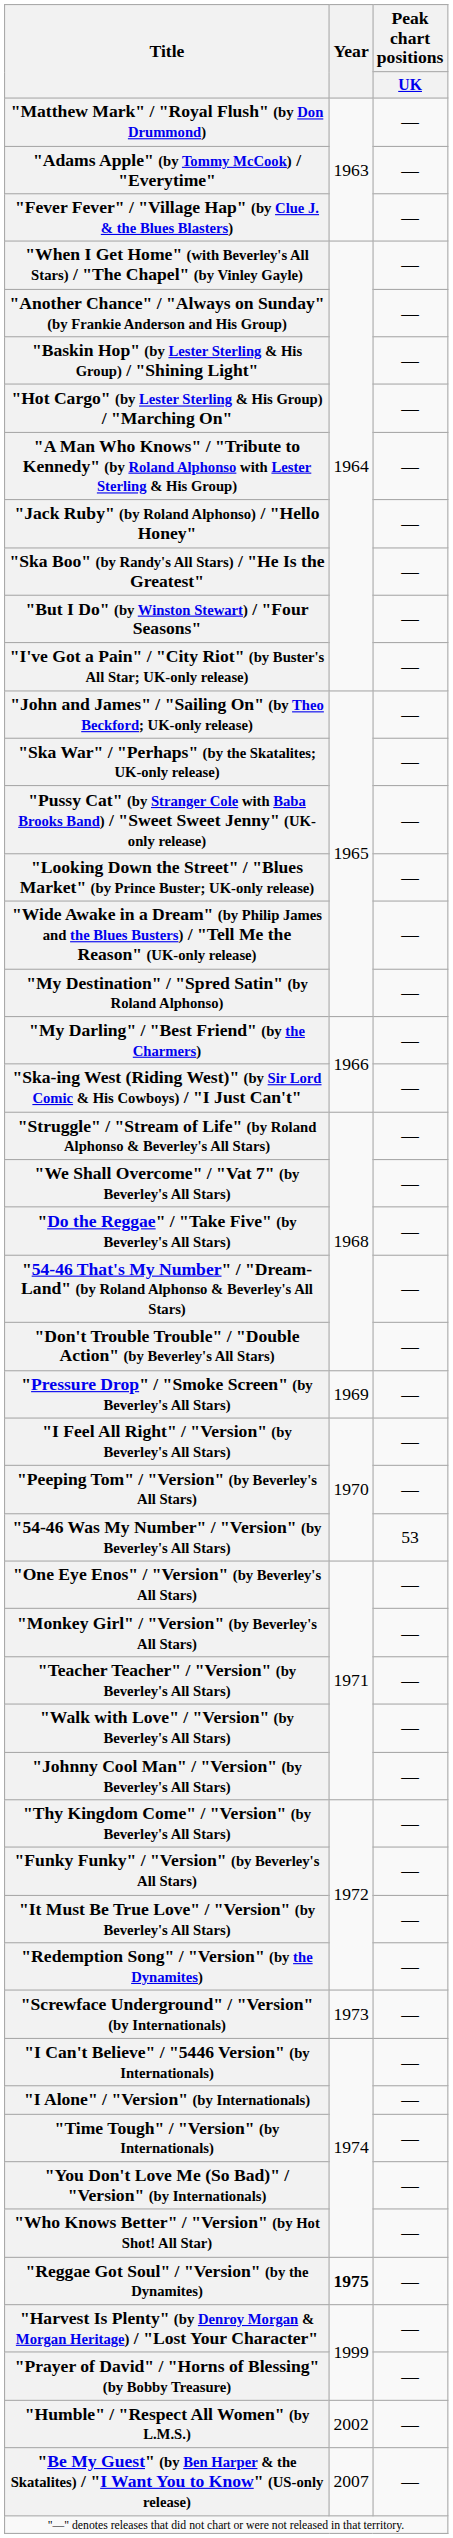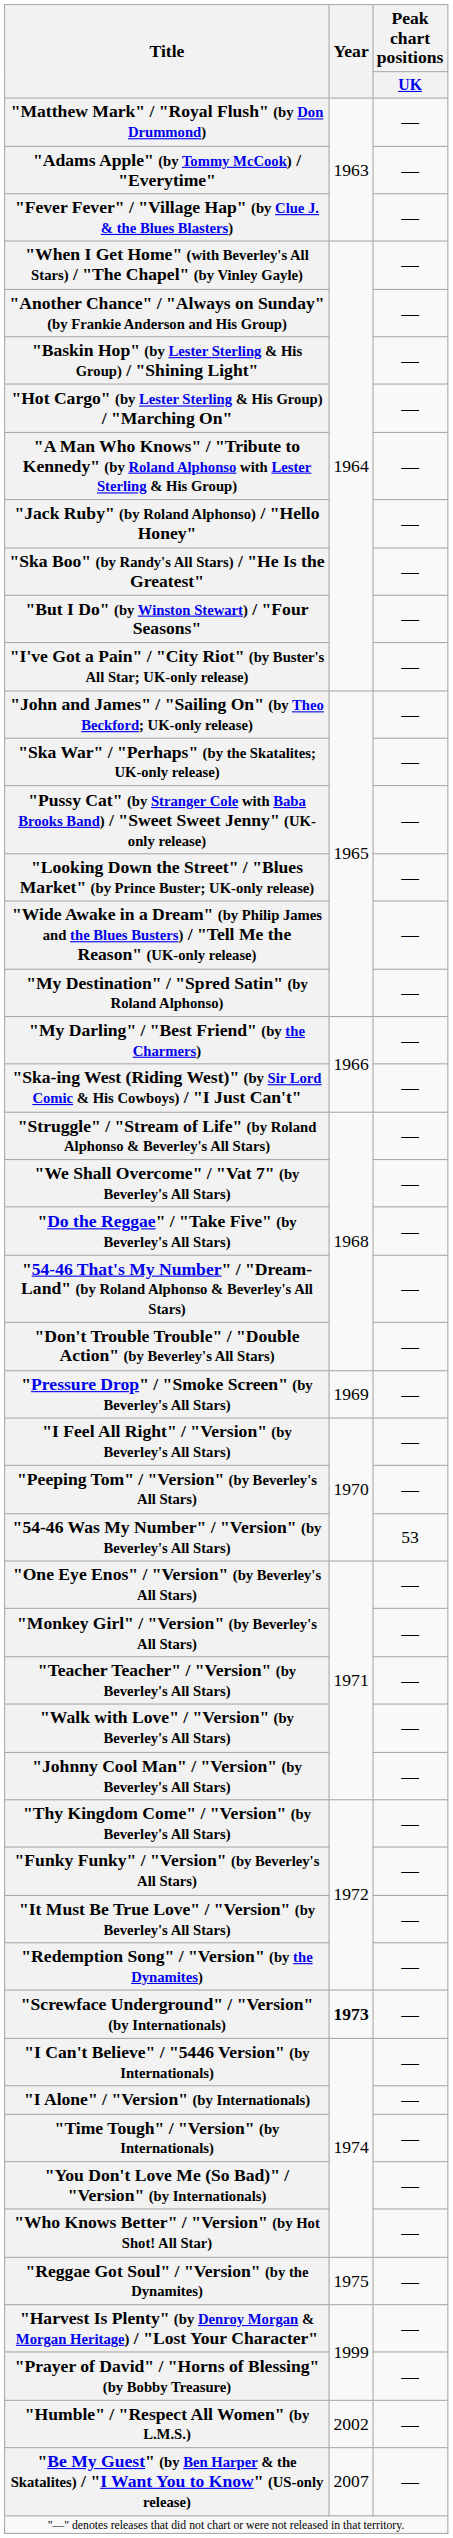 <table class="wikitable plainrowheaders" style="text-align:center;">
 <tr>
 <th rowspan="2" scope="col" style="width:18em;">Title</th>
 <th rowspan="2" scope="col" style="width:2em;">Year</th>
 <th>Peak chart<br>positions</th>
 </tr>
 <tr>
 <th scope="col" style="width:3em;font-size:90%;"><a href='#'>UK</a><br></th>
 </tr>
 <tr>
 <th scope="row">"Matthew Mark" / "Royal Flush" <small>(by <a href='#'>Don Drummond</a>)</small></th>
 <td rowspan="3">1963</td>
 <td align="center">—</td>
 </tr>
 <tr>
 <th scope="row">"Adams Apple" <small>(by <a href='#'>Tommy McCook</a>)</small> / "Everytime"</th>
 <td align="center">—</td>
 </tr>
 <tr>
 <th scope="row">"Fever Fever" / "Village Hap" <small>(by <a href='#'>Clue J. & the Blues Blasters</a>)</small></th>
 <td align="center">—</td>
 </tr>
 <tr>
 <th scope="row">"When I Get Home" <small>(with Beverley's All Stars)</small> / "The Chapel" <small>(by Vinley Gayle)</small></th>
 <td rowspan="9">1964</td>
 <td align="center">—</td>
 </tr>
 <tr>
 <th scope="row">"Another Chance" / "Always on Sunday" <small>(by Frankie Anderson and His Group)</small></th>
 <td align="center">—</td>
 </tr>
 <tr>
 <th scope="row">"Baskin Hop" <small>(by <a href='#'>Lester Sterling</a> & His Group)</small> / "Shining Light"</th>
 <td align="center">—</td>
 </tr>
 <tr>
 <th scope="row">"Hot Cargo" <small>(by <a href='#'>Lester Sterling</a> & His Group)</small> / "Marching On"</th>
 <td align="center">—</td>
 </tr>
 <tr>
 <th scope="row">"A Man Who Knows" / "Tribute to Kennedy" <small>(by <a href='#'>Roland Alphonso</a> with <a href='#'>Lester Sterling</a> & His Group)</small></th>
 <td align="center">—</td>
 </tr>
 <tr>
 <th scope="row">"Jack Ruby" <small>(by Roland Alphonso)</small> / "Hello Honey"</th>
 <td align="center">—</td>
 </tr>
 <tr>
 <th scope="row">"Ska Boo" <small>(by Randy's All Stars)</small> / "He Is the Greatest"</th>
 <td align="center">—</td>
 </tr>
 <tr>
 <th scope="row">"But I Do" <small>(by <a href='#'>Winston Stewart</a>)</small> / "Four Seasons"</th>
 <td align="center">—</td>
 </tr>
 <tr>
 <th scope="row">"I've Got a Pain" / "City Riot" <small>(by Buster's All Star; UK-only release)</small></th>
 <td align="center">—</td>
 </tr>
 <tr>
 <th scope="row">"John and James" / "Sailing On" <small>(by <a href='#'>Theo Beckford</a>; UK-only release)</small></th>
 <td rowspan="6">1965</td>
 <td>—</td>
 </tr>
 <tr>
 <th scope="row">"Ska War" / "Perhaps" <small>(by the Skatalites; UK-only release)</small></th>
 <td align="center">—</td>
 </tr>
 <tr>
 <th scope="row">"Pussy Cat" <small>(by <a href='#'>Stranger Cole</a> with <a href='#'>Baba Brooks Band</a>)</small> / "Sweet Sweet Jenny" <small>(UK-only release)</small></th>
 <td>—</td>
 </tr>
 <tr>
 <th scope="row">"Looking Down the Street" / "Blues Market" <small>(by Prince Buster; UK-only release)</small></th>
 <td>—</td>
 </tr>
 <tr>
 <th scope="row">"Wide Awake in a Dream" <small>(by Philip James and <a href='#'>the Blues Busters</a>)</small> / "Tell Me the Reason" <small>(UK-only release)</small></th>
 <td>—</td>
 </tr>
 <tr>
 <th scope="row">"My Destination" / "Spred Satin" <small>(by Roland Alphonso)</small></th>
 <td align="center">—</td>
 </tr>
 <tr>
 <th scope="row">"My Darling" / "Best Friend" <small>(by <a href='#'>the Charmers</a>)</small></th>
 <td rowspan="2">1966</td>
 <td>—</td>
 </tr>
 <tr>
 <th scope="row">"Ska-ing West (Riding West)" <small>(by <a href='#'>Sir Lord Comic</a> & His Cowboys)</small> / "I Just Can't"</th>
 <td>—</td>
 </tr>
 <tr>
 <th scope="row">"Struggle" / "Stream of Life" <small>(by Roland Alphonso & Beverley's All Stars)</small></th>
 <td rowspan="5">1968</td>
 <td>—</td>
 </tr>
 <tr>
 <th scope="row">"We Shall Overcome" / "Vat 7" <small>(by Beverley's All Stars)</small></th>
 <td>—</td>
 </tr>
 <tr>
 <th scope="row">"<a href='#'>Do the Reggae</a>" / "Take Five" <small>(by Beverley's All Stars)</small></th>
 <td>—</td>
 </tr>
 <tr>
 <th scope="row">"<a href='#'>54-46 That's My Number</a>" / "Dream-Land" <small>(by Roland Alphonso & Beverley's All Stars)</small></th>
 <td>—</td>
 </tr>
 <tr>
 <th scope="row">"Don't Trouble Trouble" / "Double Action" <small>(by Beverley's All Stars)</small></th>
 <td align="center">—</td>
 </tr>
 <tr>
 <th scope="row">"<a href='#'>Pressure Drop</a>" / "Smoke Screen" <small>(by Beverley's All Stars)</small></th>
 <td>1969</td>
 <td align="center">—</td>
 </tr>
 <tr>
 <th scope="row">"I Feel All Right" / "Version" <small>(by Beverley's All Stars)</small></th>
 <td rowspan="3">1970</td>
 <td align="center">—</td>
 </tr>
 <tr>
 <th scope="row">"Peeping Tom" / "Version" <small>(by Beverley's All Stars)</small></th>
 <td align="center">—</td>
 </tr>
 <tr>
 <th scope="row">"54-46 Was My Number" / "Version" <small>(by Beverley's All Stars)</small></th>
 <td align="center">53</td>
 </tr>
 <tr>
 <th scope="row">"One Eye Enos" / "Version" <small>(by Beverley's All Stars)</small></th>
 <td rowspan="5">1971</td>
 <td align="center">—</td>
 </tr>
 <tr>
 <th scope="row">"Monkey Girl" / "Version" <small>(by Beverley's All Stars)</small></th>
 <td align="center">—</td>
 </tr>
 <tr>
 <th scope="row">"Teacher Teacher" / "Version" <small>(by Beverley's All Stars)</small></th>
 <td align="center">—</td>
 </tr>
 <tr>
 <th scope="row">"Walk with Love" / "Version" <small>(by Beverley's All Stars)</small></th>
 <td align="center">—</td>
 </tr>
 <tr>
 <th scope="row">"Johnny Cool Man" / "Version" <small>(by Beverley's All Stars)</small></th>
 <td>—</td>
 </tr>
 <tr>
 <th scope="row">"Thy Kingdom Come" / "Version" <small>(by Beverley's All Stars)</small></th>
 <td rowspan="4">1972</td>
 <td align="center">—</td>
 </tr>
 <tr>
 <th scope="row">"Funky Funky" / "Version" <small>(by Beverley's All Stars)</small></th>
 <td align="center">—</td>
 </tr>
 <tr>
 <th scope="row">"It Must Be True Love" / "Version" <small>(by Beverley's All Stars)</small></th>
 <td align="center">—</td>
 </tr>
 <tr>
 <th scope="row">"Redemption Song" / "Version" <small>(by <a href='#'>the Dynamites</a>)</small></th>
 <td align="center">—</td>
 </tr>
 <tr>
 <th scope="row">"Screwface Underground" / "Version" <small>(by Internationals)</small></th>
-<td>1973</td>
+<td><strong>1973</strong></td>
 <td>—</td>
 </tr>
 <tr>
 <th scope="row">"I Can't Believe" / "5446 Version" <small>(by Internationals)</small></th>
 <td rowspan="5">1974</td>
 <td>—</td>
 </tr>
 <tr>
 <th scope="row">"I Alone" / "Version" <small>(by Internationals)</small></th>
 <td>—</td>
 </tr>
 <tr>
 <th scope="row">"Time Tough" / "Version" <small>(by Internationals)</small></th>
 <td align="center">—</td>
 </tr>
 <tr>
 <th scope="row">"You Don't Love Me (So Bad)" / "Version" <small>(by Internationals)</small></th>
 <td>—</td>
 </tr>
 <tr>
 <th scope="row">"Who Knows Better" / "Version" <small>(by Hot Shot! All Star)</small></th>
 <td>—</td>
 </tr>
 <tr>
 <th scope="row">"Reggae Got Soul" / "Version" <small>(by the Dynamites)</small></th>
-<td><strong>1975</strong></td>
+<td>1975</td>
 <td>—</td>
 </tr>
 <tr>
 <th scope="row">"Harvest Is Plenty" <small>(by <a href='#'>Denroy Morgan</a> & <a href='#'>Morgan Heritage</a>)</small> / "Lost Your Character"</th>
 <td rowspan="2">1999</td>
 <td>—</td>
 </tr>
 <tr>
 <th scope="row">"Prayer of David" / "Horns of Blessing" <small>(by Bobby Treasure)</small></th>
 <td>—</td>
 </tr>
 <tr>
 <th scope="row">"Humble" / "Respect All Women" <small>(by L.M.S.)</small></th>
 <td>2002</td>
 <td>—</td>
 </tr>
 <tr>
 <th scope="row">"<a href='#'>Be My Guest</a>" <small>(by <a href='#'>Ben Harper</a> & the Skatalites)</small> / "<a href='#'>I Want You to Know</a>" <small>(US-only release)</small></th>
 <td>2007</td>
 <td>—</td>
 </tr>
 <tr>
 <td colspan="3" style="font-size:8pt">"—" denotes releases that did not chart or were not released in that territory.</td>
 </tr>
 </table>
